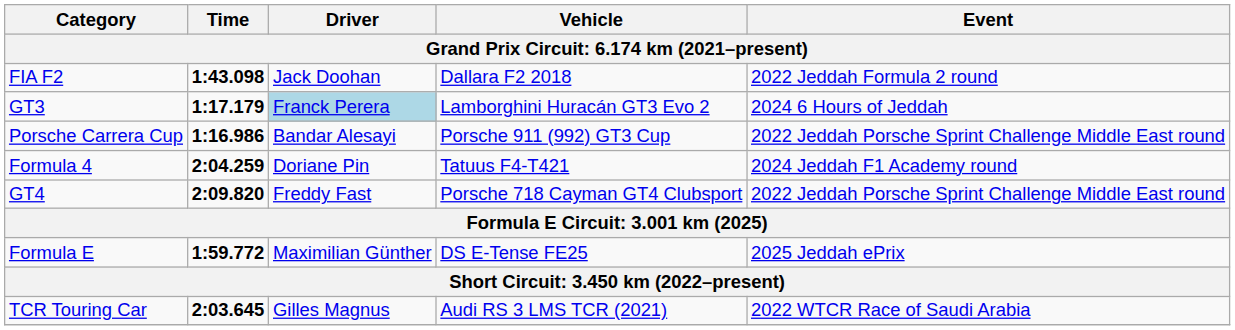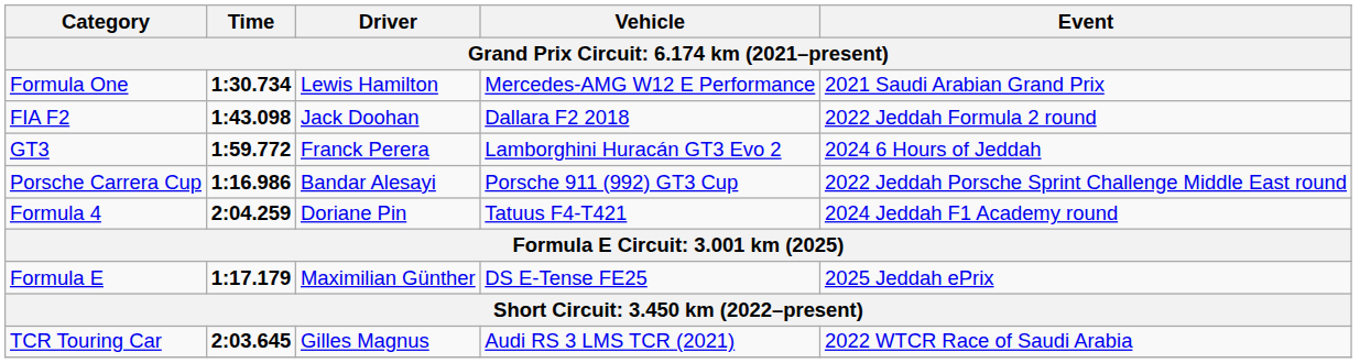 <table class=wikitable style="font-size:90%;">
 <tr>
 <th>Category</th>
 <th>Time</th>
 <th>Driver</th>
 <th>Vehicle</th>
 <th>Event</th>
 </tr>
 <tr>
 <th colspan=5>Grand Prix Circuit: 6.174 km (2021–present)</th>
 </tr>
 <tr>
+<td><a href='#'>Formula One</a></td>
+<td><strong>1:30.734</strong></td>
+<td><a href='#'>Lewis Hamilton</a></td>
+<td><a href='#'>Mercedes-AMG W12 E Performance</a></td>
+<td><a href='#'>2021 Saudi Arabian Grand Prix</a></td>
+</tr>
+<tr>
 <td><a href='#'>FIA F2</a></td>
 <td><strong>1:43.098</strong></td>
 <td><a href='#'>Jack Doohan</a></td>
 <td><a href='#'>Dallara F2 2018</a></td>
 <td><a href='#'>2022 Jeddah Formula 2 round</a></td>
 </tr>
 <tr>
 <td><a href='#'>GT3</a></td>
-<td><strong>1:17.179</strong></td>
-<td style="background: lightblue;"><a href='#'>Franck Perera</a></td>
+<td><strong>1:59.772</strong></td>
+<td><a href='#'>Franck Perera</a></td>
 <td><a href='#'>Lamborghini Huracán GT3 Evo 2</a></td>
 <td><a href='#'>2024 6 Hours of Jeddah</a></td>
 </tr>
 <tr>
 <td><a href='#'>Porsche Carrera Cup</a></td>
 <td><strong>1:16.986</strong></td>
 <td><a href='#'>Bandar Alesayi</a></td>
 <td><a href='#'>Porsche 911 (992) GT3 Cup</a></td>
 <td><a href='#'>2022 Jeddah Porsche Sprint Challenge Middle East round</a></td>
 </tr>
 <tr>
 <td><a href='#'>Formula 4</a></td>
 <td><strong>2:04.259</strong></td>
 <td><a href='#'>Doriane Pin</a></td>
 <td><a href='#'>Tatuus F4-T421</a></td>
 <td><a href='#'>2024 Jeddah F1 Academy round</a></td>
 </tr>
 <tr>
-<td><a href='#'>GT4</a></td>
-<td><strong>2:09.820</strong></td>
-<td><a href='#'>Freddy Fast</a></td>
-<td><a href='#'>Porsche 718 Cayman GT4 Clubsport</a></td>
-<td><a href='#'>2022 Jeddah Porsche Sprint Challenge Middle East round</a></td>
-</tr>
-<tr>
 <th colspan=5>Formula E Circuit: 3.001 km (2025)</th>
 </tr>
 <tr>
 <td><a href='#'>Formula E</a></td>
-<td><strong>1:59.772</strong></td>
+<td><strong>1:17.179</strong></td>
 <td><a href='#'>Maximilian Günther</a></td>
 <td><a href='#'>DS E-Tense FE25</a></td>
 <td><a href='#'>2025 Jeddah ePrix</a></td>
 </tr>
 <tr>
 <th colspan=5>Short Circuit: 3.450 km (2022–present)</th>
 </tr>
 <tr>
 <td><a href='#'>TCR Touring Car</a></td>
 <td><strong>2:03.645</strong></td>
 <td><a href='#'>Gilles Magnus</a></td>
 <td><a href='#'>Audi RS 3 LMS TCR (2021)</a></td>
 <td><a href='#'>2022 WTCR Race of Saudi Arabia</a></td>
 </tr>
 <tr>
 </tr>
 </table>
